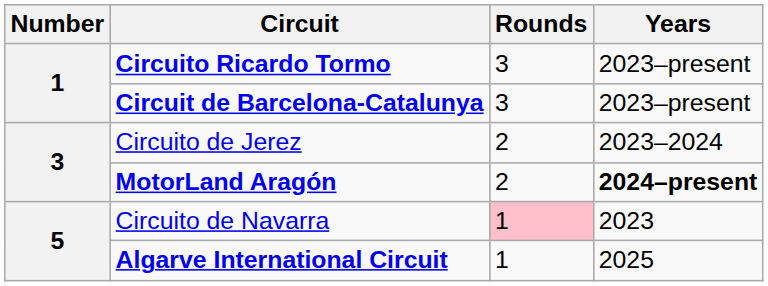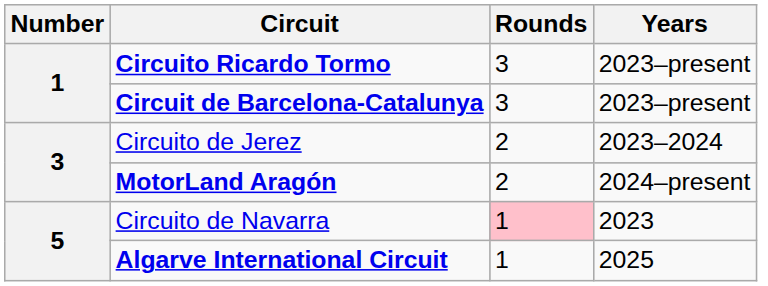 <table class="wikitable">
 <tr>
 <th>Number</th>
 <th>Circuit</th>
 <th>Rounds</th>
 <th>Years</th>
 </tr>
 <tr>
 <th rowspan=2>1</th>
 <td> <strong><a href='#'>Circuito Ricardo Tormo</a></strong></td>
 <td>3</td>
 <td>2023–present</td>
 </tr>
 <tr>
 <td> <strong><a href='#'>Circuit de Barcelona-Catalunya</a></strong></td>
 <td>3</td>
 <td>2023–present</td>
 </tr>
 <tr>
 <th rowspan=2>3</th>
 <td> <a href='#'>Circuito de Jerez</a></td>
 <td>2</td>
 <td>2023–2024</td>
 </tr>
 <tr>
 <td> <strong><a href='#'>MotorLand Aragón</a></strong></td>
 <td>2</td>
-<td><strong>2024–present</strong></td>
+<td>2024–present</td>
 </tr>
 <tr>
 <th rowspan=2>5</th>
 <td> <a href='#'>Circuito de Navarra</a></td>
 <td style="background: pink;">1</td>
 <td>2023</td>
 </tr>
 <tr>
 <td> <strong><a href='#'>Algarve International Circuit</a></strong></td>
 <td>1</td>
 <td>2025</td>
 </tr>
 </table>
